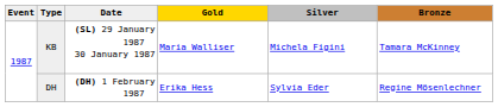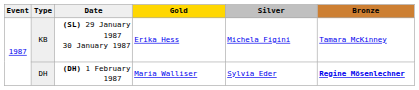 <table class="wikitable plainrowheaders" style="background:#fff; font-size:86%; line-height:15px; border:grey solid 1px; border-collapse:collapse;">
 <tr>
 <th style="background-color: #EFEFEF;" width="35">Event</th>
 <th style="background-color: #EFEFEF;" width="30">Type</th>
 <th style="background-color: #EFEFEF;" width="126">Date</th>
 <th style="background-color: #FFD700;" width="155">Gold</th>
 <th style="background-color: #C0C0C0;" width="155">Silver</th>
 <th style="background-color: #CD7F32;" width="155">Bronze</th>
 </tr>
 <tr>
 <td align=center rowspan=2><a href='#'>1987</a></td>
 <td align=center bgcolor=#EFEFEF>KB</td>
 <td align=right><strong>(SL)</strong> 29 January 1987  <br>30 January 1987  </td>
-<td> <a href='#'>Maria Walliser</a></td>
+<td> <a href='#'>Erika Hess</a></td>
 <td> <a href='#'>Michela Figini</a></td>
 <td> <a href='#'>Tamara McKinney</a></td>
 </tr>
 <tr>
 <td align=center bgcolor=#EFEFEF>DH</td>
 <td align=right><strong>(DH)</strong> 1 February 1987  </td>
-<td> <a href='#'>Erika Hess</a></td>
+<td> <a href='#'>Maria Walliser</a></td>
 <td> <a href='#'>Sylvia Eder</a></td>
-<td> <a href='#'>Regine Mösenlechner</a></td>
+<td><strong> <a href='#'>Regine Mösenlechner</a></strong></td>
 </tr>
 </table>
